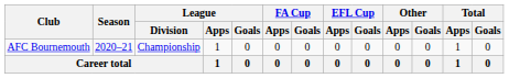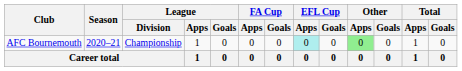 <table class=wikitable style="text-align:center">
 <tr>
 <th rowspan="2">Club</th>
 <th rowspan="2">Season</th>
 <th colspan="3">League</th>
 <th colspan="2"><a href='#'>FA Cup</a></th>
 <th colspan="2"><a href='#'>EFL Cup</a></th>
 <th colspan="2">Other</th>
 <th colspan="2">Total</th>
 </tr>
 <tr>
 <th>Division</th>
 <th>Apps</th>
 <th>Goals</th>
 <th>Apps</th>
 <th>Goals</th>
 <th>Apps</th>
 <th>Goals</th>
 <th>Apps</th>
 <th>Goals</th>
 <th>Apps</th>
 <th>Goals</th>
 </tr>
 <tr>
 <td><a href='#'>AFC Bournemouth</a></td>
 <td><a href='#'>2020–21</a></td>
 <td><a href='#'>Championship</a></td>
 <td>1</td>
 <td>0</td>
 <td>0</td>
 <td>0</td>
+<td style="background: paleturquoise;">0</td>
 <td>0</td>
-<td>0</td>
-<td>0</td>
+<td style="background: lightgreen;">0</td>
 <td>0</td>
 <td>1</td>
 <td>0</td>
 </tr>
 <tr>
 <th colspan="3">Career total</th>
 <th>1</th>
 <th>0</th>
 <th>0</th>
 <th>0</th>
 <th>0</th>
 <th>0</th>
 <th>0</th>
 <th>0</th>
 <th>1</th>
 <th>0</th>
 </tr>
 </table>
